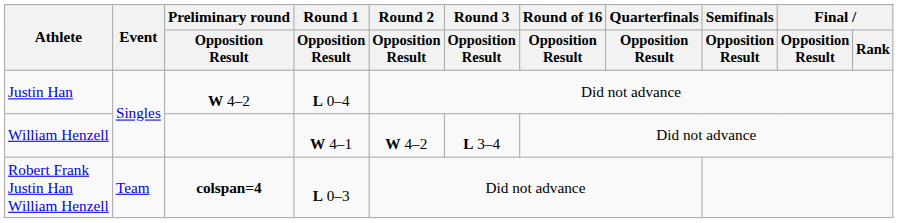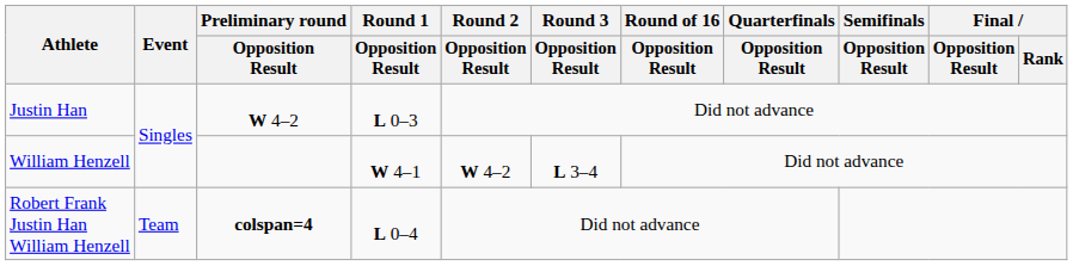 <table class="wikitable" style="font-size:90%">
 <tr>
 <th rowspan=2>Athlete</th>
 <th rowspan=2>Event</th>
 <th>Preliminary round</th>
 <th>Round 1</th>
 <th>Round 2</th>
 <th>Round 3</th>
 <th>Round of 16</th>
 <th>Quarterfinals</th>
 <th>Semifinals</th>
 <th colspan=2>Final / </th>
 </tr>
 <tr style="font-size:95%">
 <th>Opposition<br>Result</th>
 <th>Opposition<br>Result</th>
 <th>Opposition<br>Result</th>
 <th>Opposition<br>Result</th>
 <th>Opposition<br>Result</th>
 <th>Opposition<br>Result</th>
 <th>Opposition<br>Result</th>
 <th>Opposition<br>Result</th>
 <th>Rank</th>
 </tr>
 <tr align=center>
 <td align=left><a href='#'>Justin Han</a></td>
 <td align=left rowspan=2><a href='#'>Singles</a></td>
 <td><br><strong>W</strong> 4–2</td>
-<td><br><strong>L</strong> 0–4</td>
+<td><br><strong>L</strong> 0–3</td>
 <td colspan=7>Did not advance</td>
 </tr>
 <tr align=center>
 <td align=left><a href='#'>William Henzell</a></td>
 <td></td>
 <td><br><strong>W</strong> 4–1</td>
 <td><br><strong>W</strong> 4–2</td>
 <td><br><strong>L</strong> 3–4</td>
 <td colspan=5>Did not advance</td>
 </tr>
 <tr align=center>
 <td align=left><a href='#'>Robert Frank</a><br><a href='#'>Justin Han</a><br><a href='#'>William Henzell</a></td>
 <td align=left><a href='#'>Team</a></td>
 <td><strong>colspan=4 </strong></td>
-<td><br><strong>L</strong> 0–3</td>
+<td><br><strong>L</strong> 0–4</td>
 <td colspan=4>Did not advance</td>
 </tr>
 </table>
